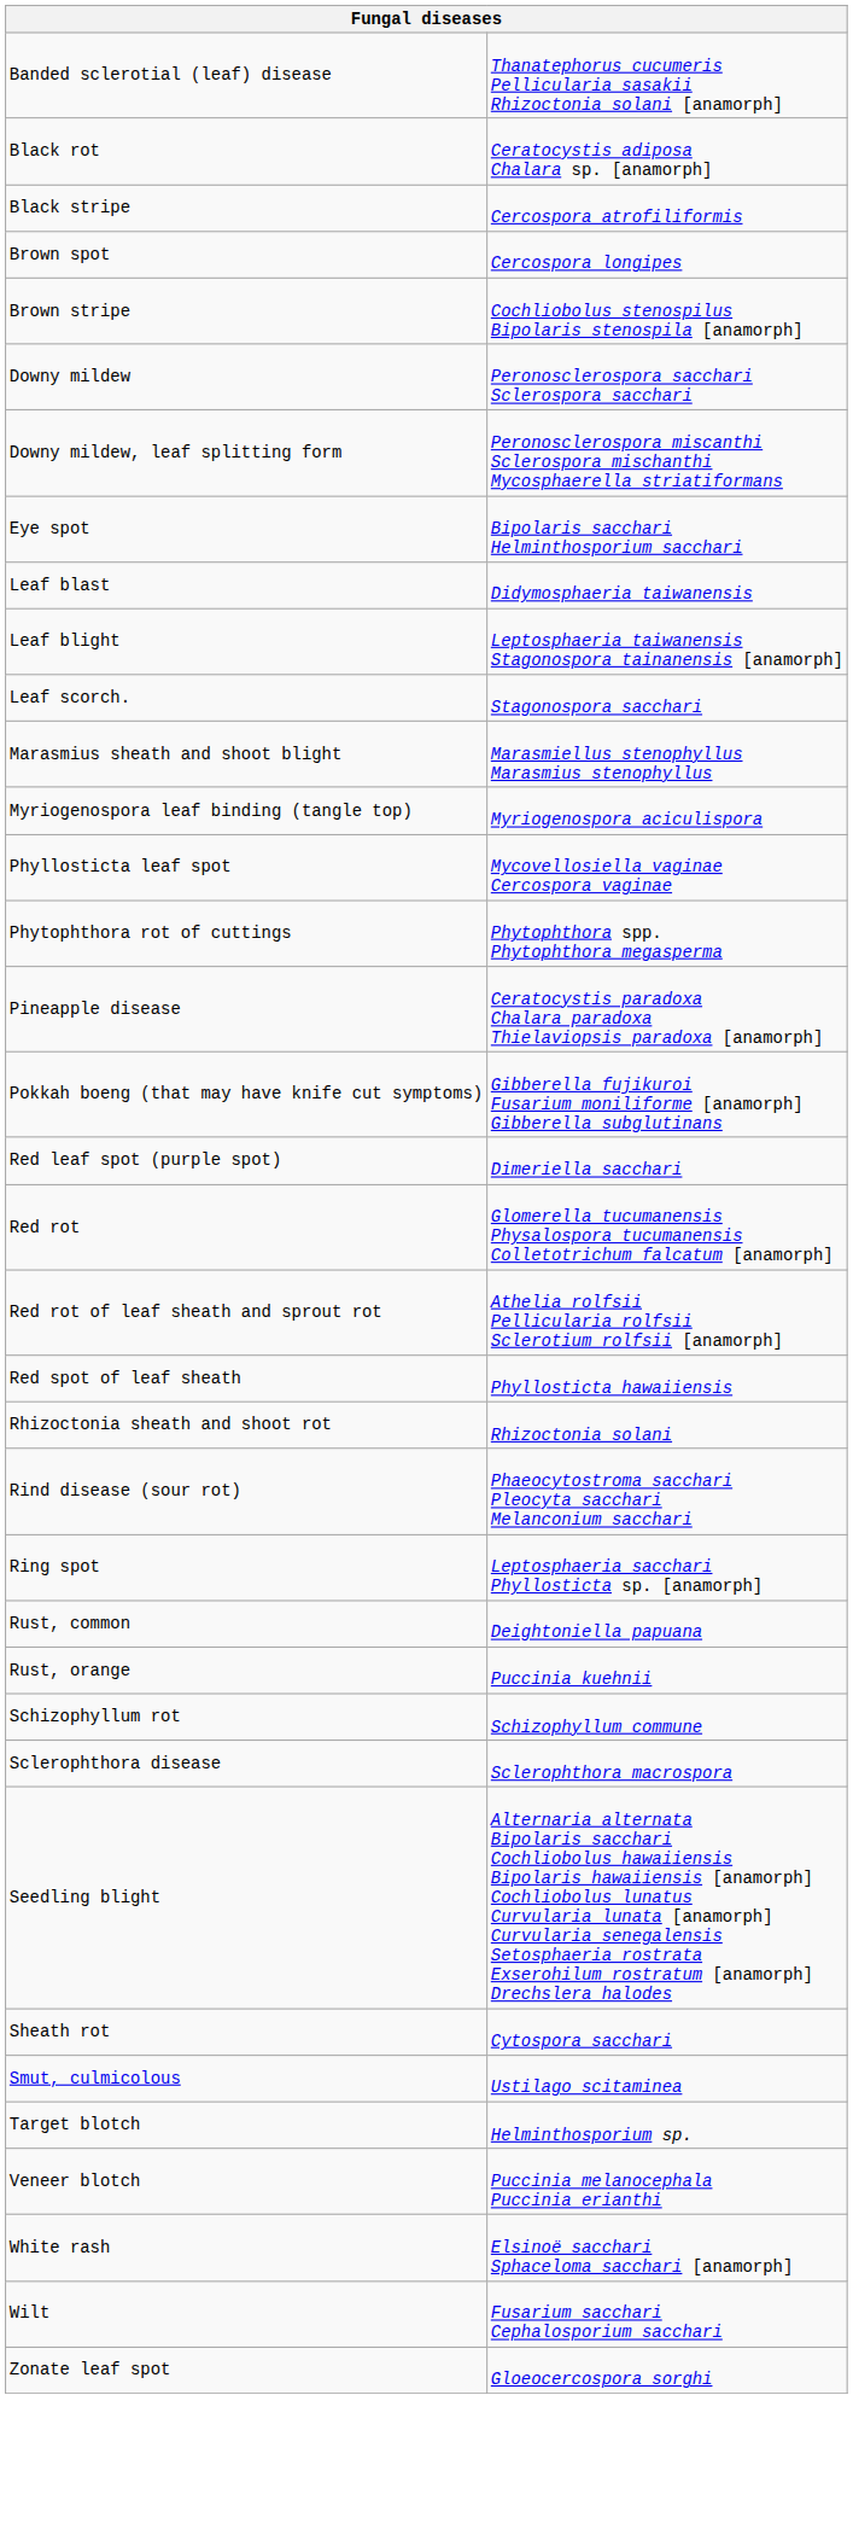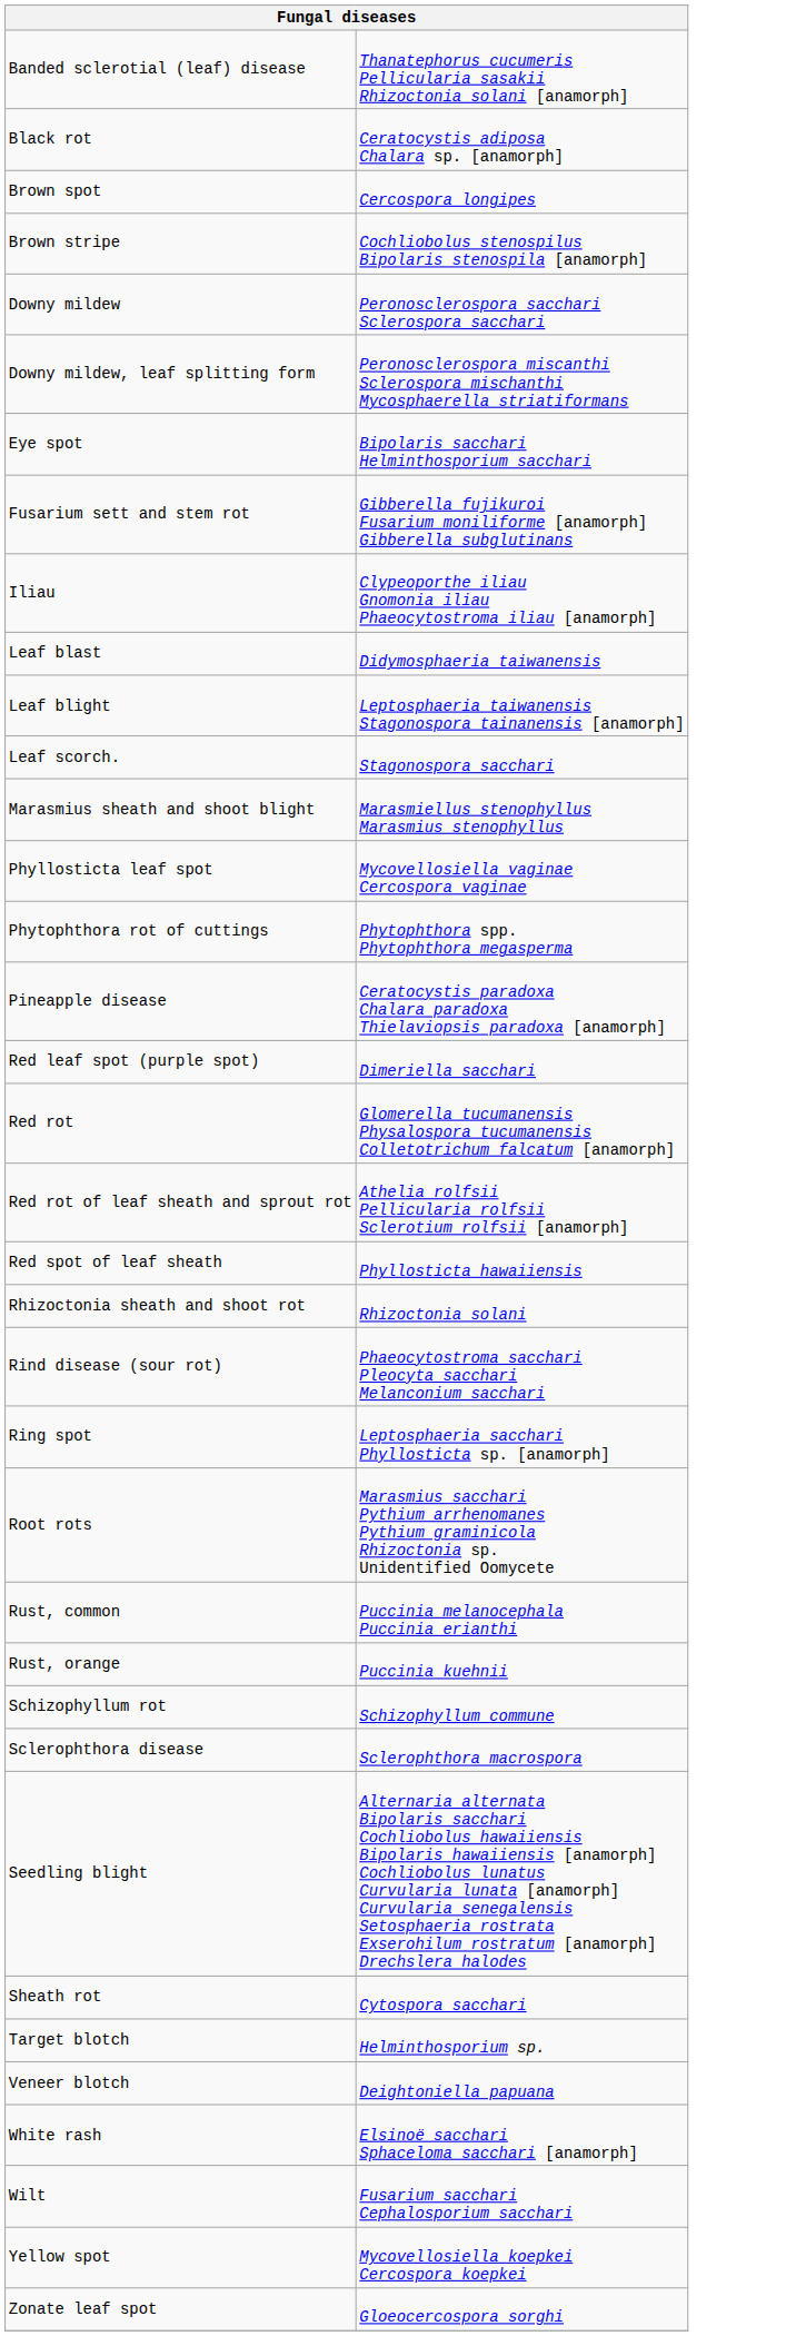 <table class="wikitable" style="clear">
 <tr>
 <th colspan=2><strong>Fungal diseases</strong><br></th>
 </tr>
 <tr>
 <td>Banded sclerotial (leaf) disease</td>
 <td><br><em><a href='#'>Thanatephorus cucumeris</a></em> <br>  <em><a href='#'>Pellicularia sasakii</a></em><br> <em><a href='#'>Rhizoctonia solani</a></em> [anamorph]</td>
 </tr>
 <tr>
 <td>Black rot</td>
 <td><br><em><a href='#'>Ceratocystis adiposa</a></em><br> <em><a href='#'>Chalara</a></em> sp. [anamorph]</td>
-</tr>
-<tr>
-<td>Black stripe</td>
-<td><br><em><a href='#'>Cercospora atrofiliformis</a></em></td>
 </tr>
 <tr>
 <td>Brown spot</td>
 <td><br><em><a href='#'>Cercospora longipes</a></em></td>
 </tr>
 <tr>
 <td>Brown stripe</td>
 <td><br><em><a href='#'>Cochliobolus stenospilus</a></em><br> <em><a href='#'>Bipolaris stenospila</a></em> [anamorph]</td>
 </tr>
 <tr>
 <td>Downy mildew</td>
 <td><br><em><a href='#'>Peronosclerospora sacchari</a></em> <br>  <em><a href='#'>Sclerospora sacchari</a></em></td>
 </tr>
 <tr>
 <td>Downy mildew, leaf splitting form</td>
 <td><br><em><a href='#'>Peronosclerospora miscanthi</a></em> <br>  <em><a href='#'>Sclerospora mischanthi</a></em><br> <em><a href='#'>Mycosphaerella striatiformans</a></em></td>
 </tr>
 <tr>
 <td>Eye spot</td>
 <td><br><em><a href='#'>Bipolaris sacchari</a></em> <br>  <em><a href='#'>Helminthosporium sacchari</a></em></td>
 </tr>
 <tr>
+<td>Fusarium sett and stem rot</td>
+<td><br><em><a href='#'>Gibberella fujikuroi</a></em><br> <em><a href='#'>Fusarium moniliforme</a></em> [anamorph]<br> <em><a href='#'>Gibberella subglutinans</a></em></td>
+</tr>
+<tr>
+<td>Iliau</td>
+<td><br><em><a href='#'>Clypeoporthe iliau</a></em> <br>  <em><a href='#'>Gnomonia iliau</a></em><br> <em><a href='#'>Phaeocytostroma iliau</a></em> [anamorph]</td>
+</tr>
+<tr>
 <td>Leaf blast</td>
 <td><br><em><a href='#'>Didymosphaeria taiwanensis</a></em></td>
 </tr>
 <tr>
 <td>Leaf blight</td>
 <td><br><em><a href='#'>Leptosphaeria taiwanensis</a></em><br> <em><a href='#'>Stagonospora tainanensis</a></em> [anamorph]</td>
 </tr>
 <tr>
 <td>Leaf scorch.</td>
 <td><br><em><a href='#'>Stagonospora sacchari</a></em></td>
 </tr>
 <tr>
 <td>Marasmius sheath and shoot blight</td>
 <td><br><em><a href='#'>Marasmiellus stenophyllus</a></em> <br>  <em><a href='#'>Marasmius stenophyllus</a></em></td>
 </tr>
 <tr>
-<td>Myriogenospora leaf binding (tangle top)</td>
-<td><br><em><a href='#'>Myriogenospora aciculispora</a></em></td>
-</tr>
-<tr>
 <td>Phyllosticta leaf spot</td>
 <td><br><em><a href='#'>Mycovellosiella vaginae</a></em> <br>  <em><a href='#'>Cercospora vaginae</a></em></td>
 </tr>
 <tr>
 <td>Phytophthora rot of cuttings</td>
 <td><br><em><a href='#'>Phytophthora</a></em> spp. <br> <em><a href='#'>Phytophthora megasperma</a></em></td>
 </tr>
 <tr>
 <td>Pineapple disease</td>
 <td><br><em><a href='#'>Ceratocystis paradoxa</a></em><br> <em><a href='#'>Chalara paradoxa</a></em> <br>  <em><a href='#'>Thielaviopsis paradoxa</a></em> [anamorph]</td>
-</tr>
-<tr>
-<td>Pokkah boeng (that may have knife cut symptoms)</td>
-<td><br><em><a href='#'>Gibberella fujikuroi</a></em><br> <em><a href='#'>Fusarium moniliforme</a></em> [anamorph]<br> <em><a href='#'>Gibberella subglutinans</a></em></td>
 </tr>
 <tr>
 <td>Red leaf spot (purple spot)</td>
 <td><br><em><a href='#'>Dimeriella sacchari</a></em></td>
 </tr>
 <tr>
 <td>Red rot</td>
 <td><br><em><a href='#'>Glomerella tucumanensis</a></em> <br>  <em><a href='#'>Physalospora tucumanensis</a></em><br> <em><a href='#'>Colletotrichum falcatum</a></em> [anamorph]</td>
 </tr>
 <tr>
 <td>Red rot of leaf sheath and sprout rot</td>
 <td><br><em><a href='#'>Athelia rolfsii</a></em> <br>  <em><a href='#'>Pellicularia rolfsii</a></em><br> <em><a href='#'>Sclerotium rolfsii</a></em> [anamorph]</td>
 </tr>
 <tr>
 <td>Red spot of leaf sheath</td>
 <td><br><em><a href='#'>Phyllosticta hawaiiensis</a></em></td>
 </tr>
 <tr>
 <td>Rhizoctonia sheath and shoot rot</td>
 <td><br><em><a href='#'>Rhizoctonia solani</a></em></td>
 </tr>
 <tr>
 <td>Rind disease (sour rot)</td>
 <td><br><em><a href='#'>Phaeocytostroma sacchari</a></em> <br>  <em><a href='#'>Pleocyta sacchari</a></em> <br>  <em><a href='#'>Melanconium sacchari</a></em></td>
 </tr>
 <tr>
 <td>Ring spot</td>
 <td><br><em><a href='#'>Leptosphaeria sacchari</a></em> <br> <em><a href='#'>Phyllosticta</a></em> sp. [anamorph]</td>
 </tr>
 <tr>
+<td>Root rots</td>
+<td><br><em><a href='#'>Marasmius sacchari</a></em><br> <em><a href='#'>Pythium arrhenomanes</a></em><br> <em><a href='#'>Pythium graminicola</a></em><br> <em><a href='#'>Rhizoctonia</a></em> sp. <br> Unidentified Oomycete</td>
+</tr>
+<tr>
 <td>Rust, common</td>
-<td><br><em><a href='#'>Deightoniella papuana</a></em></td>
+<td><br><em><a href='#'>Puccinia melanocephala</a></em> <br>  <em><a href='#'>Puccinia erianthi</a></em></td>
 </tr>
 <tr>
 <td>Rust, orange</td>
 <td><br><em><a href='#'>Puccinia kuehnii</a></em></td>
 </tr>
 <tr>
 <td>Schizophyllum rot</td>
 <td><br><em><a href='#'>Schizophyllum commune</a></em></td>
 </tr>
 <tr>
 <td>Sclerophthora disease</td>
 <td><br><em><a href='#'>Sclerophthora macrospora</a></em></td>
 </tr>
 <tr>
 <td>Seedling blight</td>
 <td><br><em><a href='#'>Alternaria alternata</a></em><br> <em><a href='#'>Bipolaris sacchari</a></em><br> <em><a href='#'>Cochliobolus hawaiiensis</a></em><br> <em><a href='#'>Bipolaris hawaiiensis</a></em> [anamorph]<br> <em><a href='#'>Cochliobolus lunatus</a></em><br> <em><a href='#'>Curvularia lunata</a></em> [anamorph]<br> <em><a href='#'>Curvularia senegalensis</a></em><br> <em><a href='#'>Setosphaeria rostrata</a></em><br> <em><a href='#'>Exserohilum rostratum</a></em> [anamorph] <br>  <em><a href='#'>Drechslera halodes</a></em></td>
 </tr>
 <tr>
 <td>Sheath rot</td>
 <td><br><em><a href='#'>Cytospora sacchari</a></em></td>
 </tr>
 <tr>
-<td><a href='#'>Smut, culmicolous</a></td>
-<td><br><em><a href='#'>Ustilago scitaminea</a></em></td>
-</tr>
-<tr>
 <td>Target blotch</td>
 <td><br><em><a href='#'>Helminthosporium</a> sp.</em></td>
 </tr>
 <tr>
 <td>Veneer blotch</td>
-<td><br><em><a href='#'>Puccinia melanocephala</a></em> <br>  <em><a href='#'>Puccinia erianthi</a></em></td>
+<td><br><em><a href='#'>Deightoniella papuana</a></em></td>
 </tr>
 <tr>
 <td>White rash</td>
 <td><br><em><a href='#'>Elsinoë sacchari</a></em><br> <em><a href='#'>Sphaceloma sacchari</a></em> [anamorph]</td>
 </tr>
 <tr>
 <td>Wilt</td>
 <td><br><em><a href='#'>Fusarium sacchari</a></em> <br>  <em><a href='#'>Cephalosporium sacchari</a></em></td>
 </tr>
 <tr>
+<td>Yellow spot</td>
+<td><br><em><a href='#'>Mycovellosiella koepkei</a></em> <br>  <em><a href='#'>Cercospora koepkei</a></em></td>
+</tr>
+<tr>
 <td>Zonate leaf spot</td>
 <td><br><em><a href='#'>Gloeocercospora sorghi</a></em></td>
 </tr>
 <tr>
 </tr>
 </table>
